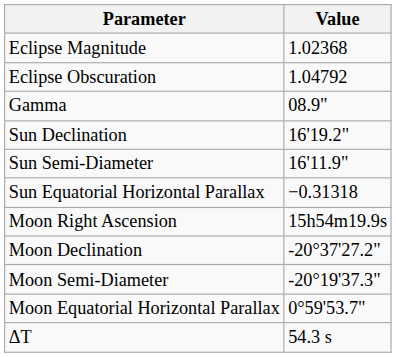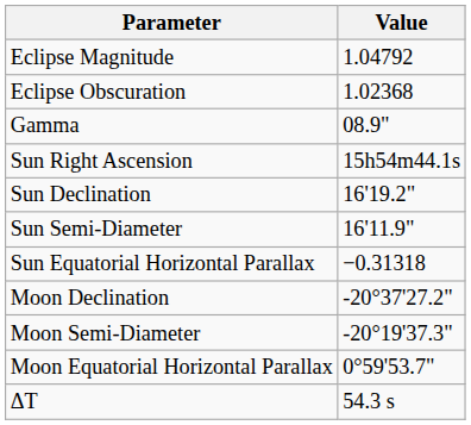 <table class="wikitable">
 <tr>
 <th>Parameter</th>
 <th>Value</th>
 </tr>
 <tr>
 <td>Eclipse Magnitude</td>
-<td>1.02368</td>
+<td>1.04792</td>
 </tr>
 <tr>
 <td>Eclipse Obscuration</td>
-<td>1.04792</td>
+<td>1.02368</td>
 </tr>
 <tr>
 <td>Gamma</td>
 <td>08.9"</td>
+</tr>
+<tr>
+<td>Sun Right Ascension</td>
+<td>15h54m44.1s</td>
 </tr>
 <tr>
 <td>Sun Declination</td>
 <td>16'19.2"</td>
 </tr>
 <tr>
 <td>Sun Semi-Diameter</td>
 <td>16'11.9"</td>
 </tr>
 <tr>
 <td>Sun Equatorial Horizontal Parallax</td>
 <td>−0.31318</td>
-</tr>
-<tr>
-<td>Moon Right Ascension</td>
-<td>15h54m19.9s</td>
 </tr>
 <tr>
 <td>Moon Declination</td>
 <td>-20°37'27.2"</td>
 </tr>
 <tr>
 <td>Moon Semi-Diameter</td>
 <td>-20°19'37.3"</td>
 </tr>
 <tr>
 <td>Moon Equatorial Horizontal Parallax</td>
 <td>0°59'53.7"</td>
 </tr>
 <tr>
 <td>ΔT</td>
 <td>54.3 s</td>
 </tr>
 </table>
